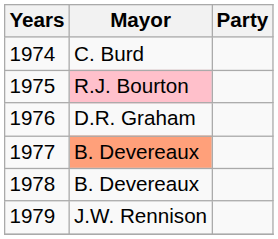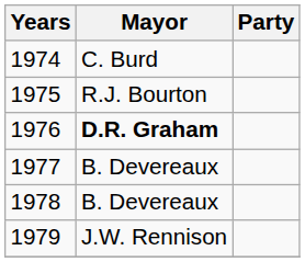 <table class="wikitable mw-collapsible">
 <tr>
 <th>Years</th>
 <th>Mayor</th>
 <th colspan=2>Party</th>
 </tr>
 <tr>
 <td>1974</td>
 <td>C. Burd</td>
 <td></td>
 </tr>
 <tr>
 <td>1975</td>
-<td style="background: pink;">R.J. Bourton</td>
+<td>R.J. Bourton</td>
 <td></td>
 </tr>
 <tr>
 <td>1976</td>
-<td>D.R. Graham</td>
+<td><strong>D.R. Graham</strong></td>
 <td></td>
 </tr>
 <tr>
 <td>1977</td>
-<td style="background: lightsalmon;">B. Devereaux</td>
+<td>B. Devereaux</td>
 <td></td>
 </tr>
 <tr>
 <td>1978</td>
 <td>B. Devereaux</td>
 <td></td>
 </tr>
 <tr>
 <td>1979</td>
 <td>J.W. Rennison</td>
 <td></td>
 </tr>
 <tr>
 </tr>
 </table>
